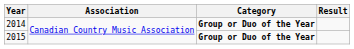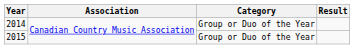 <table class="wikitable">
 <tr>
 <th>Year</th>
 <th>Association</th>
 <th>Category</th>
 <th>Result</th>
 </tr>
 <tr>
 <td>2014</td>
 <td rowspan="2"><a href='#'>Canadian Country Music Association</a></td>
-<td><strong>Group or Duo of the Year</strong></td>
+<td>Group or Duo of the Year</td>
 <td></td>
 </tr>
 <tr>
 <td>2015</td>
-<td><strong>Group or Duo of the Year</strong></td>
+<td>Group or Duo of the Year</td>
 <td></td>
 </tr>
 </table>
